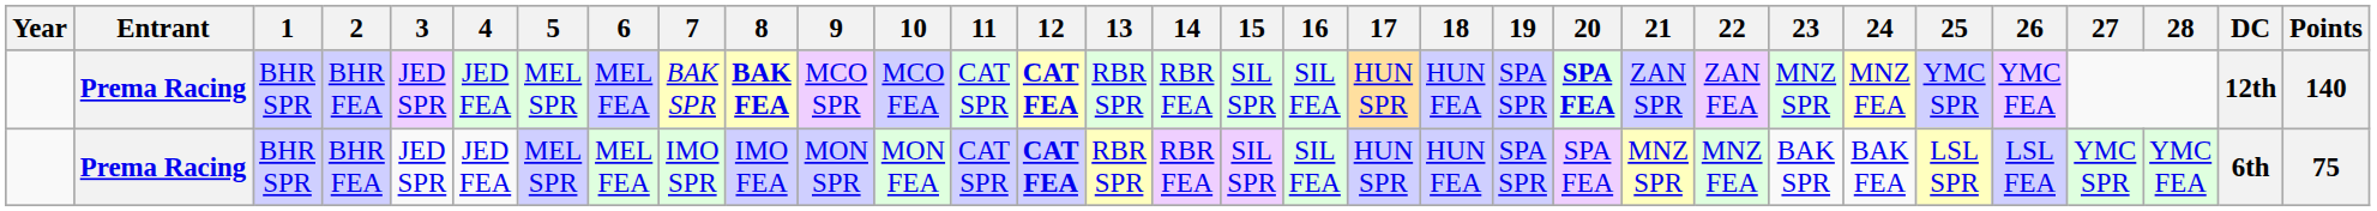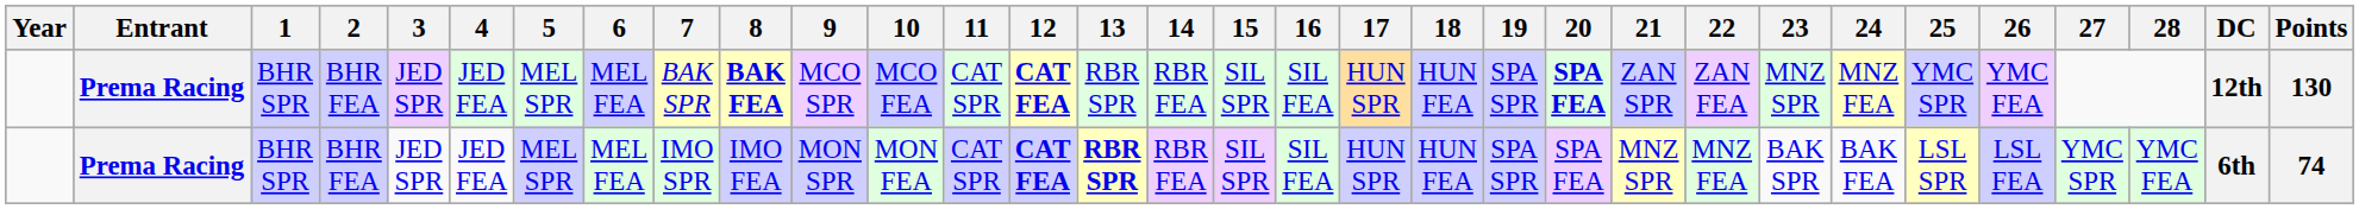 <table class="wikitable" style="text-align:center; font-size:85%">
 <tr>
 <th scope="col">Year</th>
 <th scope="col">Entrant</th>
 <th scope="col">1</th>
 <th scope="col">2</th>
 <th scope="col">3</th>
 <th scope="col">4</th>
 <th scope="col">5</th>
 <th scope="col">6</th>
 <th scope="col">7</th>
 <th scope="col">8</th>
 <th scope="col">9</th>
 <th scope="col">10</th>
 <th scope="col">11</th>
 <th scope="col">12</th>
 <th scope="col">13</th>
 <th scope="col">14</th>
 <th scope="col">15</th>
 <th scope="col">16</th>
 <th scope="col">17</th>
 <th scope="col">18</th>
 <th scope="col">19</th>
 <th scope="col">20</th>
 <th scope="col">21</th>
 <th scope="col">22</th>
 <th scope="col">23</th>
 <th scope="col">24</th>
 <th scope="col">25</th>
 <th scope="col">26</th>
 <th scope="col">27</th>
 <th scope="col">28</th>
 <th scope="col">DC</th>
 <th scope="col">Points</th>
 </tr>
 <tr>
 <td scope="row"></td>
 <th nowrap><a href='#'>Prema Racing</a></th>
 <td style="background:#CFCFFF;"><a href='#'>BHR<br>SPR</a><br></td>
 <td style="background:#CFCFFF;"><a href='#'>BHR<br>FEA</a><br></td>
 <td style="background:#EFCFFF;"><a href='#'>JED<br>SPR</a><br></td>
 <td style="background:#DFFFDF;"><a href='#'>JED<br>FEA</a><br></td>
 <td style="background:#DFFFDF;"><a href='#'>MEL<br>SPR</a><br></td>
 <td style="background:#CFCFFF;"><a href='#'>MEL<br>FEA</a><br></td>
 <td style="background:#FFFFBF;"><em><a href='#'>BAK<br>SPR</a></em><br></td>
 <td style="background:#FFFFBF;"><strong><a href='#'>BAK<br>FEA</a></strong><br></td>
 <td style="background:#EFCFFF;"><a href='#'>MCO<br>SPR</a><br></td>
 <td style="background:#CFCFFF;"><a href='#'>MCO<br>FEA</a><br></td>
 <td style="background:#DFFFDF;"><a href='#'>CAT<br>SPR</a><br></td>
 <td style="background:#FFFFBF;"><strong><a href='#'>CAT<br>FEA</a></strong><br></td>
 <td style="background:#DFFFDF;"><a href='#'>RBR<br>SPR</a><br></td>
 <td style="background:#DFFFDF;"><a href='#'>RBR<br>FEA</a><br></td>
 <td style="background:#DFFFDF;"><a href='#'>SIL<br>SPR</a><br></td>
 <td style="background:#DFFFDF;"><a href='#'>SIL<br>FEA</a><br></td>
 <td style="background:#FFDF9F;"><a href='#'>HUN<br>SPR</a><br></td>
 <td style="background:#CFCFFF;"><a href='#'>HUN<br>FEA</a><br></td>
 <td style="background:#CFCFFF;"><a href='#'>SPA<br>SPR</a><br></td>
 <td style="background:#DFFFDF;"><strong><a href='#'>SPA<br>FEA</a></strong><br></td>
 <td style="background:#CFCFFF;"><a href='#'>ZAN<br>SPR</a><br></td>
 <td style="background:#EFCFFF;"><a href='#'>ZAN<br>FEA</a><br></td>
 <td style="background:#DFFFDF;"><a href='#'>MNZ<br>SPR</a><br></td>
 <td style="background:#FFFFBF;"><a href='#'>MNZ<br>FEA</a><br></td>
 <td style="background:#CFCFFF;"><a href='#'>YMC<br>SPR</a><br></td>
 <td style="background:#EFCFFF;"><a href='#'>YMC<br>FEA</a><br></td>
 <td colspan=2></td>
 <th>12th</th>
-<th>140</th>
+<th>130</th>
 </tr>
 <tr>
 <td scope="row"></td>
 <th nowrap><a href='#'>Prema Racing</a></th>
 <td style="background:#CFCFFF;"><a href='#'>BHR<br>SPR</a><br></td>
 <td style="background:#CFCFFF;"><a href='#'>BHR<br>FEA</a><br></td>
 <td><a href='#'>JED<br>SPR</a><br></td>
 <td><a href='#'>JED<br>FEA</a><br></td>
 <td style="background:#CFCFFF;"><a href='#'>MEL<br>SPR</a><br></td>
 <td style="background:#DFFFDF;"><a href='#'>MEL<br>FEA</a><br></td>
 <td style="background:#DFFFDF;"><a href='#'>IMO<br>SPR</a><br></td>
 <td style="background:#CFCFFF;"><a href='#'>IMO<br>FEA</a><br></td>
 <td style="background:#CFCFFF;"><a href='#'>MON<br>SPR</a><br></td>
 <td style="background:#DFFFDF;"><a href='#'>MON<br>FEA</a><br></td>
 <td style="background:#CFCFFF;"><a href='#'>CAT<br>SPR</a><br></td>
 <td style="background:#CFCFFF;"><strong><a href='#'>CAT<br>FEA</a><br></strong></td>
-<td style="background:#FFFFBF;"><a href='#'>RBR<br>SPR</a><br></td>
+<td style="background:#FFFFBF;"><strong><a href='#'>RBR<br>SPR</a><br></strong></td>
 <td style="background:#EFCFFF;"><a href='#'>RBR<br>FEA</a><br></td>
 <td style="background:#EFCFFF;"><a href='#'>SIL<br>SPR</a><br></td>
 <td style="background:#DFFFDF;"><a href='#'>SIL<br>FEA</a><br></td>
 <td style="background:#CFCFFF;"><a href='#'>HUN<br>SPR</a><br></td>
 <td style="background:#CFCFFF;"><a href='#'>HUN<br>FEA</a><br></td>
 <td style="background:#CFCFFF;"><a href='#'>SPA<br>SPR</a><br></td>
 <td style="background:#EFCFFF;"><a href='#'>SPA<br>FEA</a><br></td>
 <td style="background:#FFFFBF;"><a href='#'>MNZ<br>SPR</a><br></td>
 <td style="background:#DFFFDF;"><a href='#'>MNZ<br>FEA</a><br></td>
 <td><a href='#'>BAK<br>SPR</a></td>
 <td><a href='#'>BAK<br>FEA</a></td>
 <td style="background:#FFFFBF;"><a href='#'>LSL<br>SPR</a><br></td>
 <td style="background:#CFCFFF;"><a href='#'>LSL<br>FEA</a><br></td>
 <td style="background:#DFFFDF;"><a href='#'>YMC<br>SPR</a><br></td>
 <td style="background:#DFFFDF;"><a href='#'>YMC<br>FEA</a><br></td>
 <th>6th</th>
-<th>75</th>
+<th>74</th>
 </tr>
 </table>
